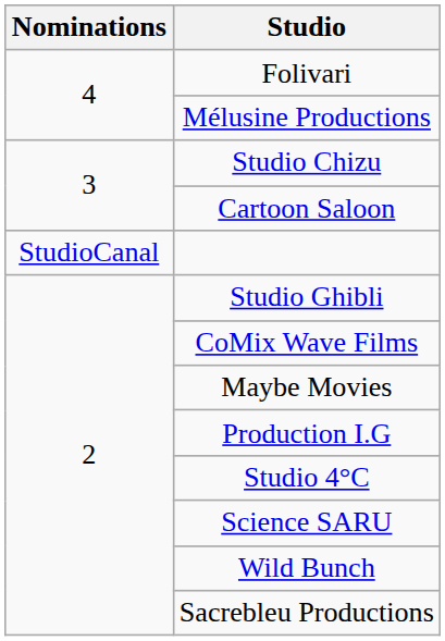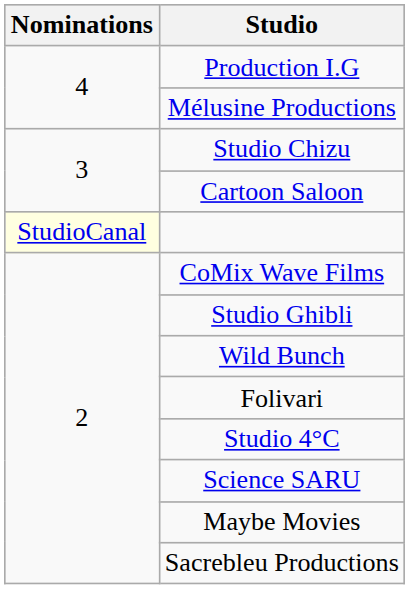 <table class="wikitable floatright" style="text-align:center;">
 <tr>
 <th scope="col" style="width:55px;">Nominations</th>
 <th scope="col" style="text-align:center;">Studio</th>
 </tr>
 <tr>
 <td rowspan="2" scope=row style="text-align:center">4</td>
-<td>Folivari</td>
+<td><a href='#'>Production I.G</a></td>
 </tr>
 <tr>
 <td><a href='#'>Mélusine Productions</a></td>
 </tr>
 <tr>
 <td rowspan="3" scope=row style="text-align:center">3</td>
 <td><a href='#'>Studio Chizu</a></td>
 </tr>
 <tr>
 <td><a href='#'>Cartoon Saloon</a></td>
 </tr>
 <tr>
 </tr>
 <tr>
-<td><a href='#'>StudioCanal</a></td>
+<td style="background: lightyellow;"><a href='#'>StudioCanal</a></td>
 </tr>
 <tr>
 <td rowspan="8" scope=row style="text-align:center">2</td>
+<td><a href='#'>CoMix Wave Films</a></td>
+</tr>
+<tr>
 <td><a href='#'>Studio Ghibli</a></td>
 </tr>
 <tr>
-<td><a href='#'>CoMix Wave Films</a></td>
+<td><a href='#'>Wild Bunch</a></td>
 </tr>
 <tr>
-<td>Maybe Movies</td>
-</tr>
-<tr>
-<td><a href='#'>Production I.G</a></td>
+<td>Folivari</td>
 </tr>
 <tr>
 <td><a href='#'>Studio 4°C</a></td>
 </tr>
 <tr>
 <td><a href='#'>Science SARU</a></td>
 </tr>
 <tr>
-<td><a href='#'>Wild Bunch</a></td>
+<td>Maybe Movies</td>
 </tr>
 <tr>
 <td>Sacrebleu Productions</td>
 </tr>
 </table>
